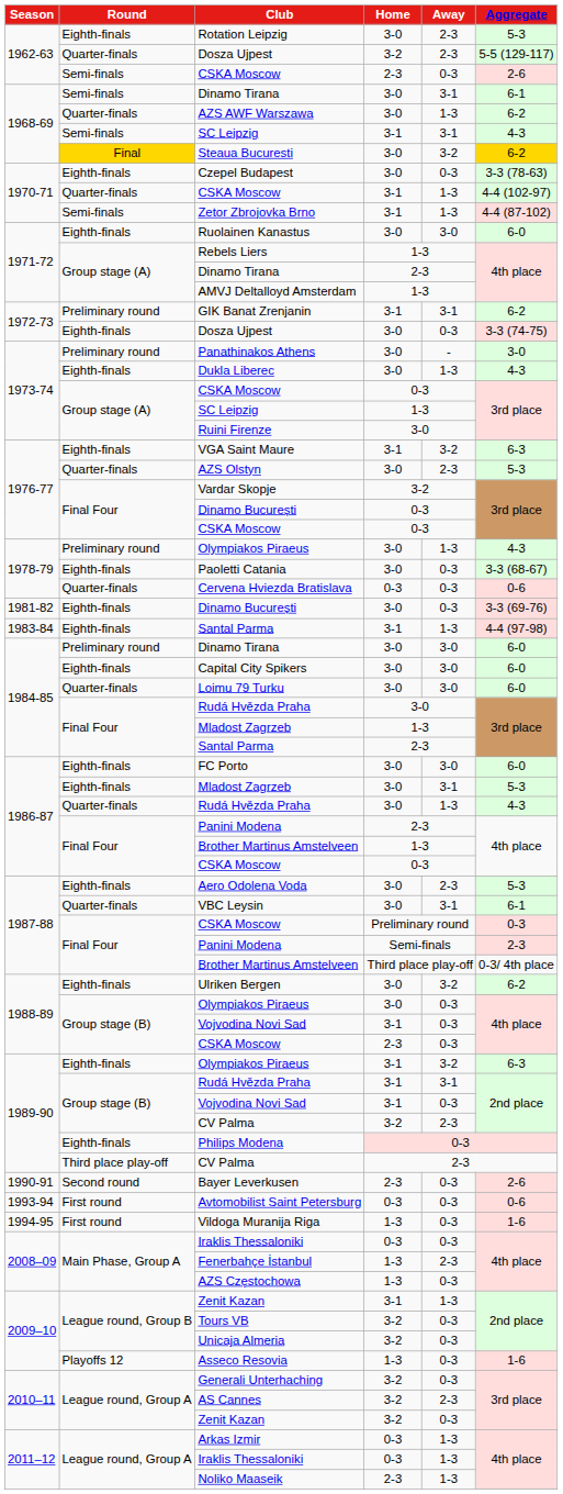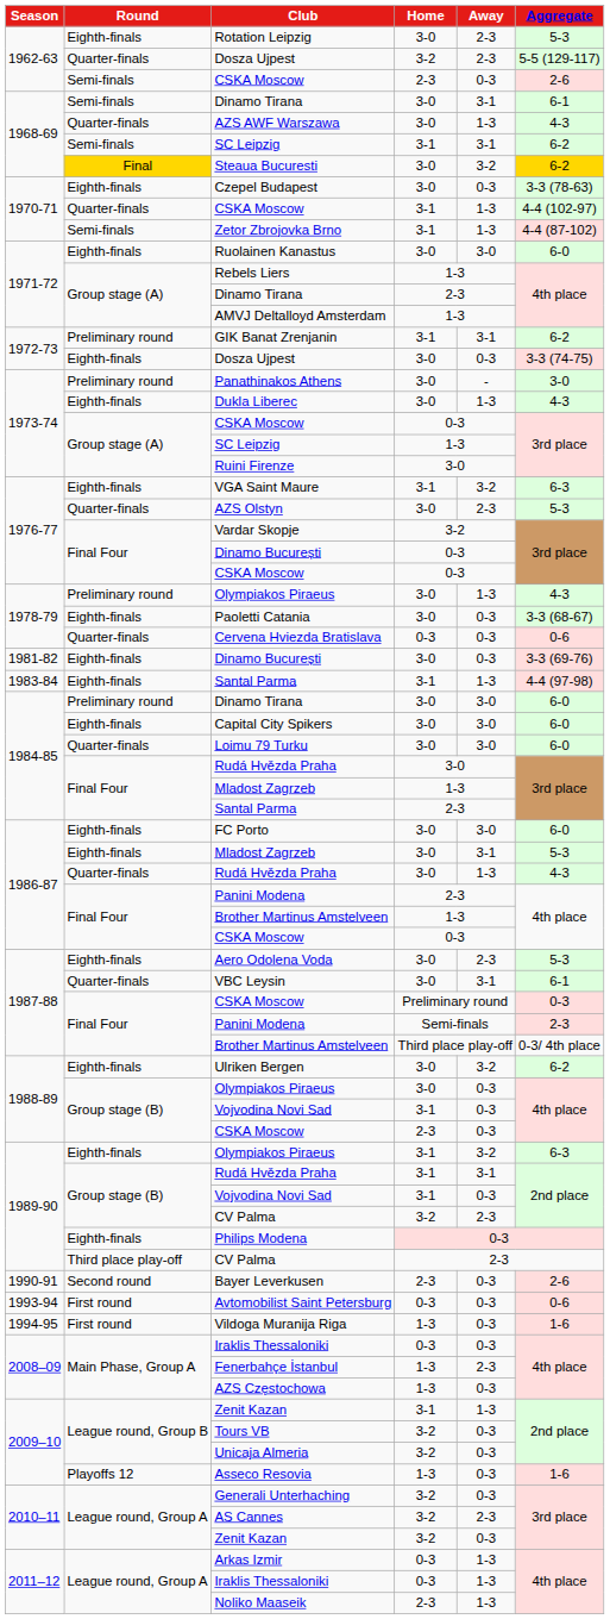 <table class="wikitable">
 <tr>
 <th style="color:white; background:#E41B17;">Season</th>
 <th style="color:white; background:#E41B17;">Round</th>
 <th style="color:white; background:#E41B17;">Club</th>
 <th style="color:white; background:#E41B17;">Home</th>
 <th style="color:white; background:#E41B17;">Away</th>
 <th style="color:white; background:#E41B17;"><a href='#'>Aggregate</a></th>
 </tr>
 <tr>
 <td rowspan="3">1962-63</td>
 <td>Eighth-finals</td>
 <td>Rotation Leipzig</td>
 <td style="text-align:center">3-0</td>
 <td style="text-align:center">2-3</td>
 <td style="text-align:center; background:#dfd;">5-3</td>
 </tr>
 <tr>
 <td>Quarter-finals</td>
 <td>Dosza Ujpest</td>
 <td style="text-align:center">3-2</td>
 <td style="text-align:center">2-3</td>
 <td style="text-align:center; background:#dfd;">5-5 (129-117)</td>
 </tr>
 <tr>
 <td>Semi-finals</td>
 <td><a href='#'>CSKA Moscow</a></td>
 <td style="text-align:center">2-3</td>
 <td style="text-align:center">0-3</td>
 <td style="text-align:center; background:#fdd;">2-6</td>
 </tr>
 <tr>
 <td rowspan="4">1968-69</td>
 <td>Semi-finals</td>
 <td>Dinamo Tirana</td>
 <td style="text-align:center">3-0</td>
 <td style="text-align:center">3-1</td>
 <td style="text-align:center; background:#dfd;">6-1</td>
 </tr>
 <tr>
 <td>Quarter-finals</td>
 <td><a href='#'>AZS AWF Warszawa</a></td>
 <td style="text-align:center">3-0</td>
 <td style="text-align:center">1-3</td>
-<td style="text-align:center; background:#dfd;">6-2</td>
+<td style="text-align:center; background:#dfd;">4-3</td>
 </tr>
 <tr>
 <td>Semi-finals</td>
 <td><a href='#'>SC Leipzig</a></td>
 <td style="text-align:center">3-1</td>
 <td style="text-align:center">3-1</td>
-<td style="text-align:center; background:#dfd;">4-3</td>
+<td style="text-align:center; background:#dfd;">6-2</td>
 </tr>
 <tr>
 <td style="text-align:center; background:gold">Final</td>
 <td><a href='#'>Steaua Bucuresti</a></td>
 <td style="text-align:center">3-0</td>
 <td style="text-align:center">3-2</td>
 <td style="text-align:center; background:gold">6-2 </td>
 </tr>
 <tr>
 <td rowspan="3">1970-71</td>
 <td>Eighth-finals</td>
 <td>Czepel Budapest</td>
 <td style="text-align:center">3-0</td>
 <td style="text-align:center">0-3</td>
 <td style="text-align:center; background:#dfd;">3-3 (78-63)</td>
 </tr>
 <tr>
 <td>Quarter-finals</td>
 <td><a href='#'>CSKA Moscow</a></td>
 <td style="text-align:center">3-1</td>
 <td style="text-align:center">1-3</td>
 <td style="text-align:center; background:#dfd;">4-4 (102-97)</td>
 </tr>
 <tr>
 <td>Semi-finals</td>
 <td><a href='#'>Zetor Zbrojovka Brno</a></td>
 <td style="text-align:center">3-1</td>
 <td style="text-align:center">1-3</td>
 <td style="text-align:center; background:#fdd;">4-4 (87-102)</td>
 </tr>
 <tr>
 <td rowspan="4">1971-72</td>
 <td>Eighth-finals</td>
 <td>Ruolainen Kanastus</td>
 <td style="text-align:center">3-0</td>
 <td style="text-align:center">3-0</td>
 <td style="text-align:center; background:#dfd;">6-0</td>
 </tr>
 <tr>
 <td rowspan="3">Group stage (A)</td>
 <td>Rebels Liers</td>
 <td colspan="2" style="text-align:center">1-3</td>
 <td rowspan="3" style="text-align:center; background:#fdd;">4th place</td>
 </tr>
 <tr>
 <td>Dinamo Tirana</td>
 <td colspan="2" style="text-align:center">2-3</td>
 </tr>
 <tr>
 <td>AMVJ Deltalloyd Amsterdam</td>
 <td colspan="2" style="text-align:center">1-3</td>
 </tr>
 <tr>
 <td rowspan="2">1972-73</td>
 <td>Preliminary round</td>
 <td>GIK Banat Zrenjanin</td>
 <td style="text-align:center">3-1</td>
 <td style="text-align:center">3-1</td>
 <td style="text-align:center; background:#dfd;">6-2</td>
 </tr>
 <tr>
 <td>Eighth-finals</td>
 <td>Dosza Ujpest</td>
 <td style="text-align:center">3-0</td>
 <td style="text-align:center">0-3</td>
 <td style="text-align:center; background:#fdd;">3-3 (74-75)</td>
 </tr>
 <tr>
 <td rowspan="5">1973-74</td>
 <td>Preliminary round</td>
 <td><a href='#'>Panathinakos Athens</a></td>
 <td style="text-align:center">3-0</td>
 <td style="text-align:center">-</td>
 <td style="text-align:center; background:#dfd;">3-0</td>
 </tr>
 <tr>
 <td>Eighth-finals</td>
 <td><a href='#'>Dukla Liberec</a></td>
 <td style="text-align:center">3-0</td>
 <td style="text-align:center">1-3</td>
 <td style="text-align:center; background:#dfd;">4-3</td>
 </tr>
 <tr>
 <td rowspan="3">Group stage (A)</td>
 <td><a href='#'>CSKA Moscow</a></td>
 <td colspan="2" style="text-align:center">0-3</td>
 <td rowspan="3" style="text-align:center; background:#fdd;">3rd place</td>
 </tr>
 <tr>
 <td><a href='#'>SC Leipzig</a></td>
 <td colspan="2" style="text-align:center">1-3</td>
 </tr>
 <tr>
 <td><a href='#'>Ruini Firenze</a></td>
 <td colspan="2" style="text-align:center">3-0</td>
 </tr>
 <tr>
 <td rowspan="5">1976-77</td>
 <td>Eighth-finals</td>
 <td>VGA Saint Maure</td>
 <td style="text-align:center">3-1</td>
 <td style="text-align:center">3-2</td>
 <td style="text-align:center; background:#dfd;">6-3</td>
 </tr>
 <tr>
 <td>Quarter-finals</td>
 <td><a href='#'>AZS Olstyn</a></td>
 <td style="text-align:center">3-0</td>
 <td style="text-align:center">2-3</td>
 <td style="text-align:center; background:#dfd;">5-3</td>
 </tr>
 <tr>
 <td rowspan="3">Final Four</td>
 <td>Vardar Skopje</td>
 <td colspan="2" style="text-align:center">3-2</td>
 <td rowspan="3" style="text-align:center;background:#c96">3rd place </td>
 </tr>
 <tr>
 <td><a href='#'>Dinamo București</a></td>
 <td colspan="2" style="text-align:center">0-3</td>
 </tr>
 <tr>
 <td><a href='#'>CSKA Moscow</a></td>
 <td colspan="2" style="text-align:center">0-3</td>
 </tr>
 <tr>
 <td rowspan="3">1978-79</td>
 <td>Preliminary round</td>
 <td><a href='#'>Olympiakos Piraeus</a></td>
 <td style="text-align:center">3-0</td>
 <td style="text-align:center">1-3</td>
 <td style="text-align:center; background:#dfd;">4-3</td>
 </tr>
 <tr>
 <td>Eighth-finals</td>
 <td>Paoletti Catania</td>
 <td style="text-align:center">3-0</td>
 <td style="text-align:center">0-3</td>
 <td style="text-align:center; background:#dfd;">3-3 (68-67)</td>
 </tr>
 <tr>
 <td>Quarter-finals</td>
 <td><a href='#'>Cervena Hviezda Bratislava</a></td>
 <td style="text-align:center">0-3</td>
 <td style="text-align:center">0-3</td>
 <td style="text-align:center; background:#fdd;">0-6</td>
 </tr>
 <tr>
 <td>1981-82</td>
 <td>Eighth-finals</td>
 <td><a href='#'>Dinamo București</a></td>
 <td style="text-align:center">3-0</td>
 <td style="text-align:center">0-3</td>
 <td style="text-align:center; background:#fdd;">3-3 (69-76)</td>
 </tr>
 <tr>
 <td>1983-84</td>
 <td>Eighth-finals</td>
 <td><a href='#'>Santal Parma</a></td>
 <td style="text-align:center">3-1</td>
 <td style="text-align:center">1-3</td>
 <td style="text-align:center; background:#fdd;">4-4 (97-98)</td>
 </tr>
 <tr>
 <td rowspan="6">1984-85</td>
 <td>Preliminary round</td>
 <td>Dinamo Tirana</td>
 <td style="text-align:center">3-0</td>
 <td style="text-align:center">3-0</td>
 <td style="text-align:center; background:#dfd;">6-0</td>
 </tr>
 <tr>
 <td>Eighth-finals</td>
 <td>Capital City Spikers</td>
 <td style="text-align:center">3-0</td>
 <td style="text-align:center">3-0</td>
 <td style="text-align:center; background:#dfd;">6-0</td>
 </tr>
 <tr>
 <td>Quarter-finals</td>
 <td><a href='#'>Loimu 79 Turku</a></td>
 <td style="text-align:center">3-0</td>
 <td style="text-align:center">3-0</td>
 <td style="text-align:center; background:#dfd;">6-0</td>
 </tr>
 <tr>
 <td rowspan="3">Final Four</td>
 <td><a href='#'>Rudá Hvězda Praha</a></td>
 <td colspan="2" style="text-align:center">3-0</td>
 <td rowspan="3" style="text-align:center;background:#c96">3rd place </td>
 </tr>
 <tr>
 <td><a href='#'>Mladost Zagrzeb</a></td>
 <td colspan="2" style="text-align:center">1-3</td>
 </tr>
 <tr>
 <td><a href='#'>Santal Parma</a></td>
 <td colspan="2" style="text-align:center">2-3</td>
 </tr>
 <tr>
 <td rowspan="6">1986-87</td>
 <td>Eighth-finals</td>
 <td>FC Porto</td>
 <td style="text-align:center">3-0</td>
 <td style="text-align:center">3-0</td>
 <td style="text-align:center; background:#dfd;">6-0</td>
 </tr>
 <tr>
 <td>Eighth-finals</td>
 <td><a href='#'>Mladost Zagrzeb</a></td>
 <td style="text-align:center">3-0</td>
 <td style="text-align:center">3-1</td>
 <td style="text-align:center; background:#dfd;">5-3</td>
 </tr>
 <tr>
 <td>Quarter-finals</td>
 <td><a href='#'>Rudá Hvězda Praha</a></td>
 <td style="text-align:center">3-0</td>
 <td style="text-align:center">1-3</td>
 <td style="text-align:center; background:#dfd;">4-3</td>
 </tr>
 <tr>
 <td rowspan="3">Final Four</td>
 <td><a href='#'>Panini Modena</a></td>
 <td colspan="2" style="text-align:center">2-3</td>
 <td rowspan="3" style="text-align:center">4th place</td>
 </tr>
 <tr>
 <td><a href='#'>Brother Martinus Amstelveen</a></td>
 <td colspan="2" style="text-align:center">1-3</td>
 </tr>
 <tr>
 <td><a href='#'>CSKA Moscow</a></td>
 <td colspan="2" style="text-align:center">0-3</td>
 </tr>
 <tr>
 <td rowspan="5">1987-88</td>
 <td>Eighth-finals</td>
 <td><a href='#'>Aero Odolena Voda</a></td>
 <td style="text-align:center">3-0</td>
 <td style="text-align:center">2-3</td>
 <td style="text-align:center; background:#dfd;">5-3</td>
 </tr>
 <tr>
 <td>Quarter-finals</td>
 <td>VBC Leysin</td>
 <td style="text-align:center">3-0</td>
 <td style="text-align:center">3-1</td>
 <td style="text-align:center; background:#dfd;">6-1</td>
 </tr>
 <tr>
 <td rowspan="3">Final Four</td>
 <td><a href='#'>CSKA Moscow</a></td>
 <td colspan="2" style="text-align:center">Preliminary round</td>
 <td style="text-align:center; background:#fdd;">0-3</td>
 </tr>
 <tr>
 <td><a href='#'>Panini Modena</a></td>
 <td colspan="2" style="text-align:center">Semi-finals</td>
 <td style="text-align:center; background:#fdd;">2-3</td>
 </tr>
 <tr>
 <td><a href='#'>Brother Martinus Amstelveen</a></td>
 <td colspan="2" style="text-align:center">Third place play-off</td>
 <td>0-3/ 4th place</td>
 </tr>
 <tr>
 <td rowspan="4">1988-89</td>
 <td>Eighth-finals</td>
 <td>Ulriken Bergen</td>
 <td style="text-align:center">3-0</td>
 <td style="text-align:center">3-2</td>
 <td style="text-align:center; background:#dfd;">6-2</td>
 </tr>
 <tr>
 <td rowspan="3">Group stage (B)</td>
 <td><a href='#'>Olympiakos Piraeus</a></td>
 <td style="text-align:center">3-0</td>
 <td style="text-align:center">0-3</td>
 <td rowspan="3" style="text-align:center; background:#fdd;">4th place</td>
 </tr>
 <tr>
 <td><a href='#'>Vojvodina Novi Sad</a></td>
 <td style="text-align:center">3-1</td>
 <td style="text-align:center">0-3</td>
 </tr>
 <tr>
 <td><a href='#'>CSKA Moscow</a></td>
 <td style="text-align:center">2-3</td>
 <td style="text-align:center">0-3</td>
 </tr>
 <tr>
 <td rowspan="6">1989-90</td>
 <td>Eighth-finals</td>
 <td><a href='#'>Olympiakos Piraeus</a></td>
 <td style="text-align:center">3-1</td>
 <td style="text-align:center">3-2</td>
 <td style="text-align:center; background:#dfd;">6-3</td>
 </tr>
 <tr>
 <td rowspan="3">Group stage (B)</td>
 <td><a href='#'>Rudá Hvězda Praha</a></td>
 <td style="text-align:center">3-1</td>
 <td style="text-align:center">3-1</td>
 <td rowspan="3" style="text-align:center; background:#dfd;">2nd place</td>
 </tr>
 <tr>
 <td><a href='#'>Vojvodina Novi Sad</a></td>
 <td style="text-align:center">3-1</td>
 <td style="text-align:center">0-3</td>
 </tr>
 <tr>
 <td>CV Palma</td>
 <td style="text-align:center">3-2</td>
 <td style="text-align:center">2-3</td>
 </tr>
 <tr>
 <td>Eighth-finals</td>
 <td><a href='#'>Philips Modena</a></td>
 <td colspan="3" style="text-align:center; background:#fdd;">0-3</td>
 </tr>
 <tr>
 <td>Third place play-off</td>
 <td>CV Palma</td>
 <td colspan="3" style="text-align:center">2-3</td>
 </tr>
 <tr>
 <td>1990-91</td>
 <td>Second round</td>
 <td>Bayer Leverkusen</td>
 <td style="text-align:center">2-3</td>
 <td style="text-align:center">0-3</td>
 <td style="text-align:center; background:#fdd;">2-6</td>
 </tr>
 <tr>
 <td>1993-94</td>
 <td>First round</td>
 <td><a href='#'>Avtomobilist Saint Petersburg</a></td>
 <td style="text-align:center">0-3</td>
 <td style="text-align:center">0-3</td>
 <td style="text-align:center; background:#fdd;">0-6</td>
 </tr>
 <tr>
 <td>1994-95</td>
 <td>First round</td>
 <td>Vildoga Muranija Riga</td>
 <td style="text-align:center">1-3</td>
 <td style="text-align:center">0-3</td>
 <td style="text-align:center; background:#fdd;">1-6</td>
 </tr>
 <tr>
 <td rowspan="3"><a href='#'>2008–09</a></td>
 <td rowspan="3">Main Phase, Group A</td>
 <td><a href='#'>Iraklis Thessaloniki</a></td>
 <td style="text-align:center">0-3</td>
 <td style="text-align:center">0-3</td>
 <td rowspan="3" style="text-align:center; background:#fdd;">4th place</td>
 </tr>
 <tr>
 <td><a href='#'>Fenerbahçe İstanbul</a></td>
 <td style="text-align:center">1-3</td>
 <td style="text-align:center">2-3</td>
 </tr>
 <tr>
 <td><a href='#'>AZS Częstochowa</a></td>
 <td style="text-align:center">1-3</td>
 <td style="text-align:center">0-3</td>
 </tr>
 <tr>
 <td rowspan="4"><a href='#'>2009–10</a></td>
 <td rowspan="3">League round, Group B</td>
 <td> <a href='#'>Zenit Kazan</a></td>
 <td style="text-align:center">3-1</td>
 <td style="text-align:center">1-3</td>
 <td rowspan="3" style="text-align:center; background:#dfd;">2nd place</td>
 </tr>
 <tr>
 <td><a href='#'>Tours VB</a></td>
 <td style="text-align:center">3-2</td>
 <td style="text-align:center">0-3</td>
 </tr>
 <tr>
 <td><a href='#'>Unicaja Almeria</a></td>
 <td style="text-align:center">3-2</td>
 <td style="text-align:center">0-3</td>
 </tr>
 <tr>
 <td>Playoffs 12</td>
 <td><a href='#'>Asseco Resovia</a></td>
 <td style="text-align:center">1-3</td>
 <td style="text-align:center">0-3</td>
 <td style="text-align:center; background:#fdd;">1-6</td>
 </tr>
 <tr>
 <td rowspan="3"><a href='#'>2010–11</a></td>
 <td rowspan="3">League round, Group A</td>
 <td> <a href='#'>Generali Unterhaching</a></td>
 <td style="text-align:center">3-2</td>
 <td style="text-align:center">0-3</td>
 <td rowspan="3" style="text-align:center; background:#fdd;">3rd place</td>
 </tr>
 <tr>
 <td> <a href='#'>AS Cannes</a></td>
 <td style="text-align:center">3-2</td>
 <td style="text-align:center">2-3</td>
 </tr>
 <tr>
 <td> <a href='#'>Zenit Kazan</a></td>
 <td style="text-align:center">3-2</td>
 <td style="text-align:center">0-3</td>
 </tr>
 <tr>
 <td rowspan="3"><a href='#'>2011–12</a></td>
 <td rowspan="3">League round, Group A</td>
 <td> <a href='#'>Arkas Izmir</a></td>
 <td style="text-align:center">0-3</td>
 <td style="text-align:center">1-3</td>
 <td rowspan="3" style="text-align:center; background:#fdd;">4th place</td>
 </tr>
 <tr>
 <td><a href='#'>Iraklis Thessaloniki</a></td>
 <td style="text-align:center">0-3</td>
 <td style="text-align:center">1-3</td>
 </tr>
 <tr>
 <td> <a href='#'>Noliko Maaseik</a></td>
 <td style="text-align:center">2-3</td>
 <td style="text-align:center">1-3</td>
 </tr>
 </table>
